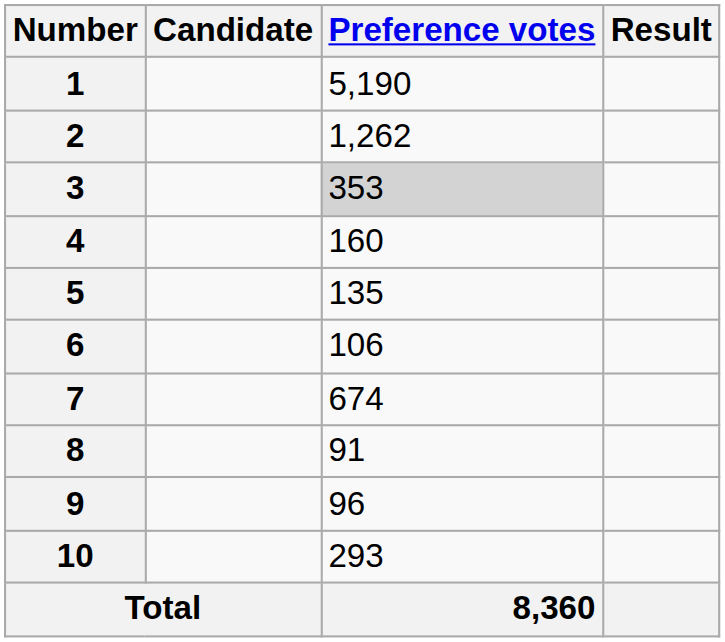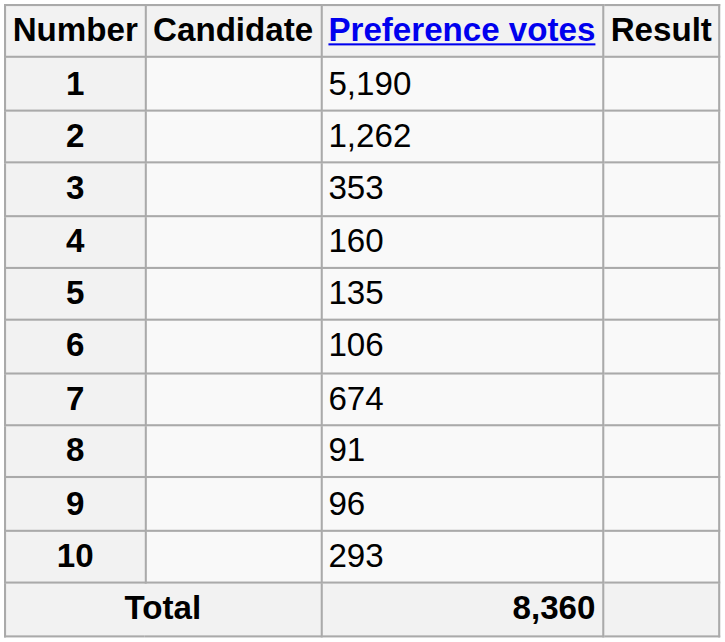 <table class="wikitable sortable" >
 <tr>
 <th scope="col">Number</th>
 <th scope="col">Candidate</th>
 <th scope="col"><a href='#'>Preference votes</a></th>
 <th scope="col">Result</th>
 </tr>
 <tr>
 <th scope="row">1</th>
 <td style="text-align:left"></td>
 <td>5,190</td>
 <td></td>
 </tr>
 <tr>
 <th scope="row">2</th>
 <td style="text-align:left"></td>
 <td>1,262</td>
 <td></td>
 </tr>
 <tr>
 <th scope="row">3</th>
 <td style="text-align:left"></td>
-<td style="background: lightgrey;">353</td>
+<td>353</td>
 <td></td>
 </tr>
 <tr>
 <th scope="row">4</th>
 <td style="text-align:left"></td>
 <td>160</td>
 <td></td>
 </tr>
 <tr>
 <th scope="row">5</th>
 <td style="text-align:left"></td>
 <td>135</td>
 <td></td>
 </tr>
 <tr>
 <th scope="row">6</th>
 <td style="text-align:left"></td>
 <td>106</td>
 <td></td>
 </tr>
 <tr>
 <th scope="row">7</th>
 <td style="text-align:left"></td>
 <td>674</td>
 <td></td>
 </tr>
 <tr>
 <th scope="row">8</th>
 <td style="text-align:left"></td>
 <td>91</td>
 <td></td>
 </tr>
 <tr>
 <th scope="row">9</th>
 <td style="text-align:left"></td>
 <td>96</td>
 <td></td>
 </tr>
 <tr>
 <th scope="row">10</th>
 <td style="text-align:left"></td>
 <td>293</td>
 <td></td>
 </tr>
 <tr class="sortbottom">
 <th scope="row"  colspan="2">Total</th>
 <th style="text-align:right">8,360</th>
 <th></th>
 </tr>
 </table>
